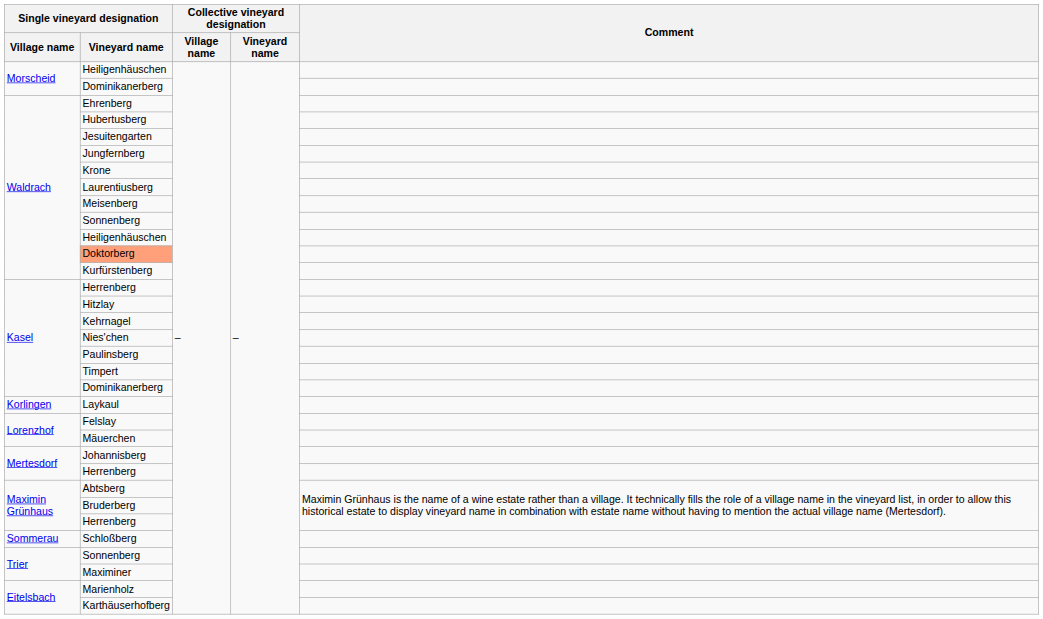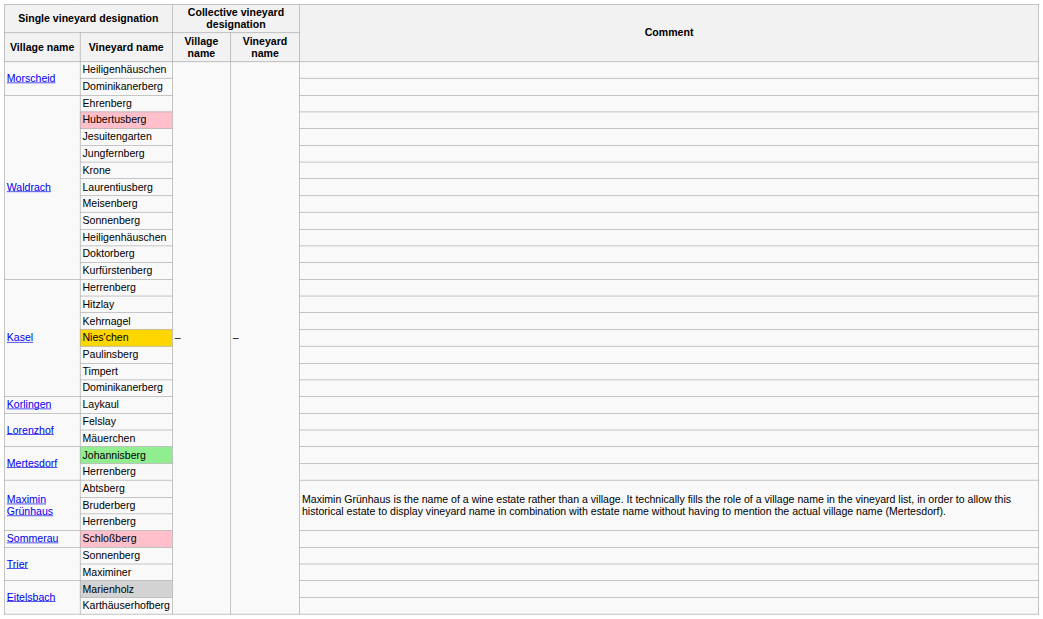 <table class="wikitable">
 <tr>
 <th colspan="2">Single vineyard designation</th>
 <th colspan="2">Collective vineyard designation</th>
 <th rowspan="2">Comment</th>
 </tr>
 <tr bgcolor="lightgrey">
 <th>Village name</th>
 <th>Vineyard name</th>
 <th>Village name</th>
 <th>Vineyard name</th>
 </tr>
 <tr>
 <td rowspan="2"><a href='#'>Morscheid</a></td>
 <td>Heiligenhäuschen</td>
 <td rowspan="33">–</td>
 <td rowspan="33">–</td>
 <td></td>
 </tr>
 <tr>
 <td>Dominikanerberg</td>
 <td></td>
 </tr>
 <tr>
 <td rowspan="11"><a href='#'>Waldrach</a></td>
 <td>Ehrenberg</td>
 <td></td>
 </tr>
 <tr>
-<td>Hubertusberg</td>
+<td style="background: pink;">Hubertusberg</td>
 <td></td>
 </tr>
 <tr>
 <td>Jesuitengarten</td>
 <td></td>
 </tr>
 <tr>
 <td>Jungfernberg</td>
 <td></td>
 </tr>
 <tr>
 <td>Krone</td>
 <td></td>
 </tr>
 <tr>
 <td>Laurentiusberg</td>
 <td></td>
 </tr>
 <tr>
 <td>Meisenberg</td>
 <td></td>
 </tr>
 <tr>
 <td>Sonnenberg</td>
 <td></td>
 </tr>
 <tr>
 <td>Heiligenhäuschen</td>
 <td></td>
 </tr>
 <tr>
-<td style="background: lightsalmon;">Doktorberg</td>
+<td>Doktorberg</td>
 <td></td>
 </tr>
 <tr>
 <td>Kurfürstenberg</td>
 <td></td>
 </tr>
 <tr>
 <td rowspan="7"><a href='#'>Kasel</a></td>
 <td>Herrenberg</td>
 <td></td>
 </tr>
 <tr>
 <td>Hitzlay</td>
 <td></td>
 </tr>
 <tr>
 <td>Kehrnagel</td>
 <td></td>
 </tr>
 <tr>
-<td>Nies'chen</td>
+<td style="background: gold;">Nies'chen</td>
 <td></td>
 </tr>
 <tr>
 <td>Paulinsberg</td>
 <td></td>
 </tr>
 <tr>
 <td>Timpert</td>
 <td></td>
 </tr>
 <tr>
 <td>Dominikanerberg</td>
 <td></td>
 </tr>
 <tr>
 <td><a href='#'>Korlingen</a></td>
 <td>Laykaul</td>
 <td></td>
 </tr>
 <tr>
 <td rowspan="2"><a href='#'>Lorenzhof</a></td>
 <td>Felslay</td>
 <td></td>
 </tr>
 <tr>
 <td>Mäuerchen</td>
 <td></td>
 </tr>
 <tr>
 <td rowspan="2"><a href='#'>Mertesdorf</a></td>
-<td>Johannisberg</td>
+<td style="background: lightgreen;">Johannisberg</td>
 <td></td>
 </tr>
 <tr>
 <td>Herrenberg</td>
 <td></td>
 </tr>
 <tr>
 <td rowspan="3"><a href='#'>Maximin Grünhaus</a></td>
 <td>Abtsberg</td>
 <td rowspan="3">Maximin Grünhaus is the name of a wine estate rather than a village. It technically fills the role of a village name in the vineyard list, in order to allow this historical estate to display vineyard name in combination with estate name without having to mention the actual village name (Mertesdorf).</td>
 </tr>
 <tr>
 <td>Bruderberg</td>
 </tr>
 <tr>
 <td>Herrenberg</td>
 </tr>
 <tr>
 <td><a href='#'>Sommerau</a></td>
-<td>Schloßberg</td>
+<td style="background: pink;">Schloßberg</td>
 <td></td>
 </tr>
 <tr>
 <td rowspan="2"><a href='#'>Trier</a></td>
 <td>Sonnenberg</td>
 <td></td>
 </tr>
 <tr>
 <td>Maximiner</td>
 <td></td>
 </tr>
 <tr>
 <td rowspan="2"><a href='#'>Eitelsbach</a></td>
-<td>Marienholz</td>
+<td style="background: lightgrey;">Marienholz</td>
 <td></td>
 </tr>
 <tr>
 <td>Karthäuserhofberg</td>
 <td></td>
 </tr>
 </table>
